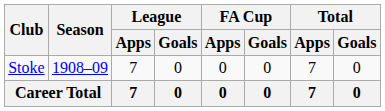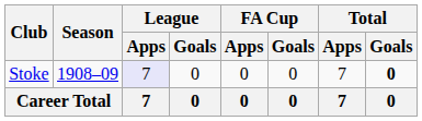 <table class="wikitable" style="text-align: center;">
 <tr>
 <th rowspan="2">Club</th>
 <th rowspan="2">Season</th>
 <th colspan="2">League</th>
 <th colspan="2">FA Cup</th>
 <th colspan="2">Total</th>
 </tr>
 <tr>
 <th>Apps</th>
 <th>Goals</th>
 <th>Apps</th>
 <th>Goals</th>
 <th>Apps</th>
 <th>Goals</th>
 </tr>
 <tr>
 <td><a href='#'>Stoke</a></td>
 <td><a href='#'>1908–09</a></td>
-<td>7</td>
+<td style="background: lavender;">7</td>
 <td>0</td>
 <td>0</td>
 <td>0</td>
 <td>7</td>
-<td>0</td>
+<td><strong>0</strong></td>
 </tr>
 <tr>
 <th colspan="2">Career Total</th>
 <th>7</th>
 <th>0</th>
 <th>0</th>
 <th>0</th>
 <th>7</th>
 <th>0</th>
 </tr>
 </table>
